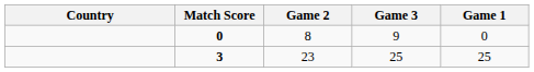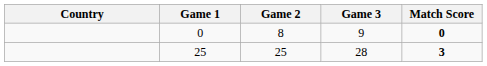 <table class=wikitable style="text-align:center">
 <tr>
 <th>Country</th>
-<th>Match Score</th>
+<th>Game 1</th>
 <th>Game 2</th>
 <th>Game 3</th>
-<th>Game 1</th>
+<th>Match Score</th>
 </tr>
 <tr>
 <td width=200></td>
-<td width=100><strong>0</strong></td>
+<td width=100>0</td>
 <td width=100>8</td>
 <td width=100>9</td>
-<td width=100>0</td>
+<td width=100><strong>0</strong></td>
 </tr>
 <tr>
 <td></td>
-<td><strong>3</strong></td>
-<td>23</td>
 <td>25</td>
 <td>25</td>
+<td>28</td>
+<td><strong>3</strong></td>
 </tr>
 </table>
